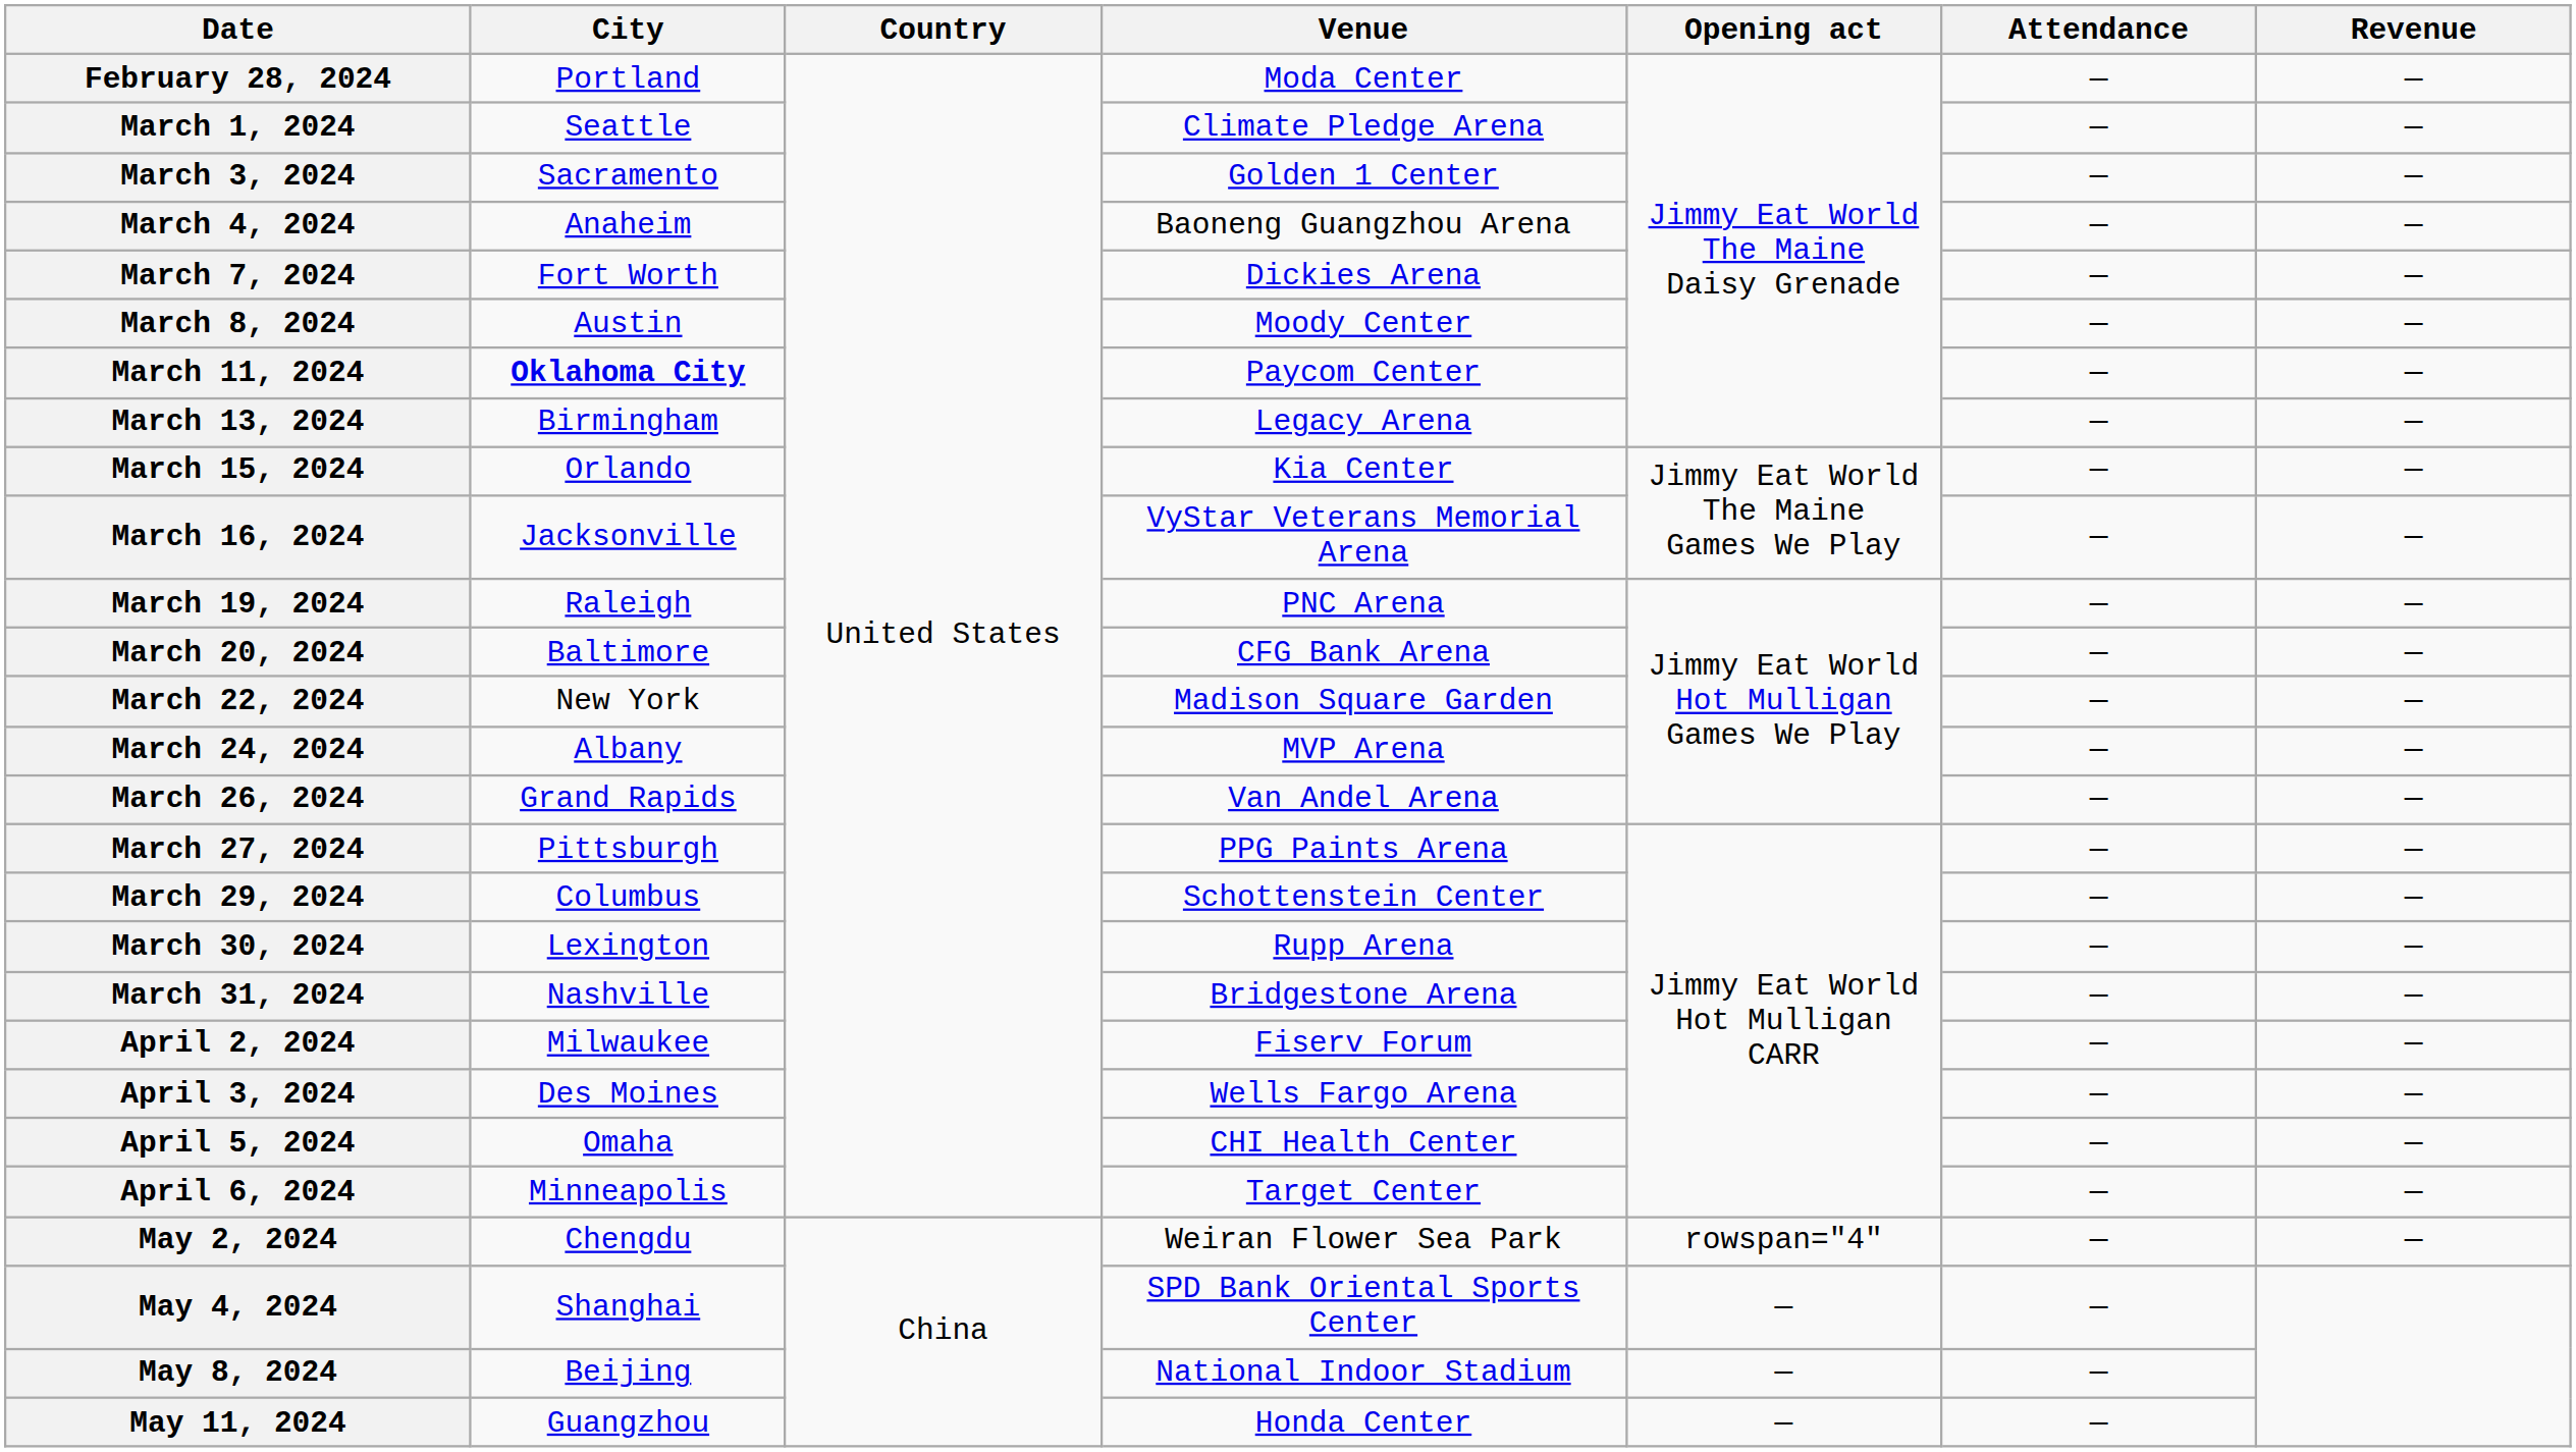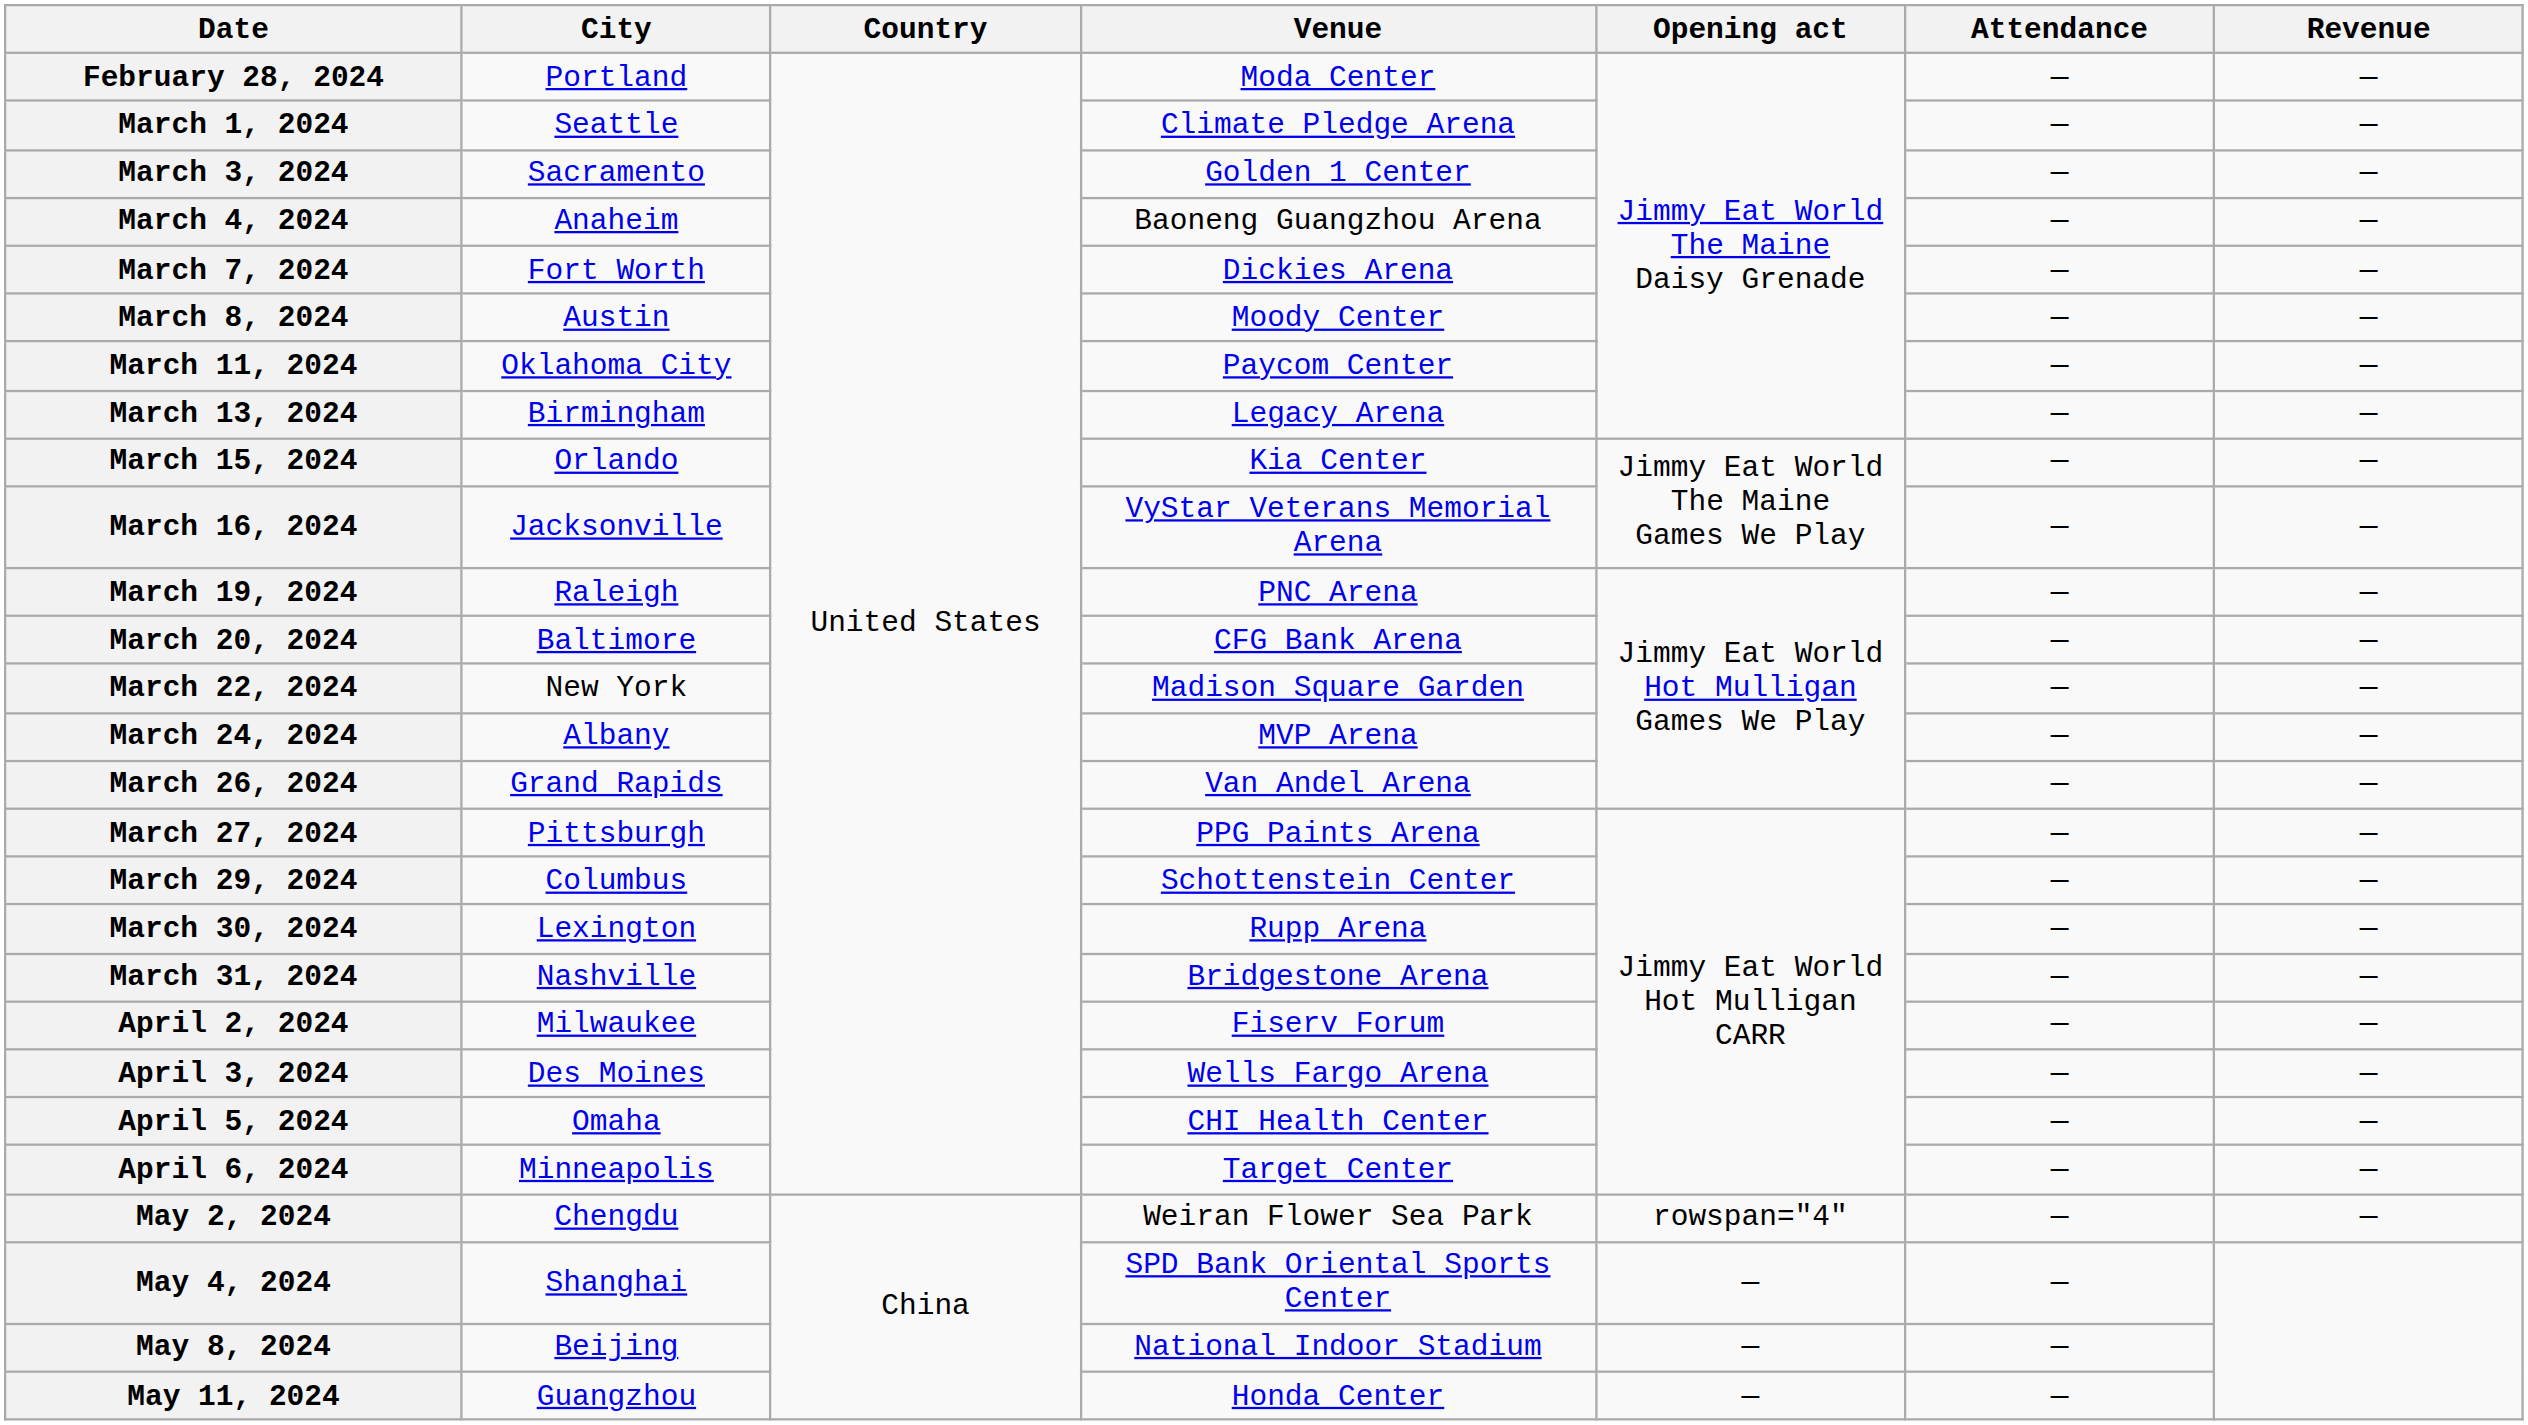 <table class="wikitable plainrowheaders" style="text-align:center;">
 <tr>
 <th scope="col" style="width:15em;">Date</th>
 <th scope="col" style="width:10em;">City</th>
 <th scope="col" style="width:10em;">Country</th>
 <th scope="col" style="width:17em;">Venue</th>
 <th scope="col" style="width:10em;">Opening act</th>
 <th scope="col" style="width:10em;">Attendance</th>
 <th scope="col" style="width:10em;">Revenue</th>
 </tr>
 <tr>
 <th scope="row" style="text-align:center;">February 28, 2024</th>
 <td><a href='#'>Portland</a></td>
 <td rowspan="23">United States</td>
 <td><a href='#'>Moda Center</a></td>
 <td rowspan="8"><a href='#'>Jimmy Eat World</a><br><a href='#'>The Maine</a><br>Daisy Grenade</td>
 <td>—</td>
 <td>—</td>
 </tr>
 <tr>
 <th scope="row" style="text-align:center;">March 1, 2024</th>
 <td><a href='#'>Seattle</a></td>
 <td><a href='#'>Climate Pledge Arena</a></td>
 <td>—</td>
 <td>—</td>
 </tr>
 <tr>
 <th scope="row" style="text-align:center;">March 3, 2024</th>
 <td><a href='#'>Sacramento</a></td>
 <td><a href='#'>Golden 1 Center</a></td>
 <td>—</td>
 <td>—</td>
 </tr>
 <tr>
 <th scope="row" style="text-align:center;">March 4, 2024</th>
 <td><a href='#'>Anaheim</a></td>
 <td>Baoneng Guangzhou Arena</td>
 <td>—</td>
 <td>—</td>
 </tr>
 <tr>
 <th scope="row" style="text-align:center;">March 7, 2024</th>
 <td><a href='#'>Fort Worth</a></td>
 <td><a href='#'>Dickies Arena</a></td>
 <td>—</td>
 <td>—</td>
 </tr>
 <tr>
 <th scope="row" style="text-align:center;">March 8, 2024</th>
 <td><a href='#'>Austin</a></td>
 <td><a href='#'>Moody Center</a></td>
 <td>—</td>
 <td>—</td>
 </tr>
 <tr>
 <th scope="row" style="text-align:center;">March 11, 2024</th>
-<td><strong><a href='#'>Oklahoma City</a></strong></td>
+<td><a href='#'>Oklahoma City</a></td>
 <td><a href='#'>Paycom Center</a></td>
 <td>—</td>
 <td>—</td>
 </tr>
 <tr>
 <th scope="row" style="text-align:center;">March 13, 2024</th>
 <td><a href='#'>Birmingham</a></td>
 <td><a href='#'>Legacy Arena</a></td>
 <td>—</td>
 <td>—</td>
 </tr>
 <tr>
 <th scope="row" style="text-align:center;">March 15, 2024</th>
 <td><a href='#'>Orlando</a></td>
 <td><a href='#'>Kia Center</a></td>
 <td rowspan="2">Jimmy Eat World<br>The Maine<br>Games We Play</td>
 <td>—</td>
 <td>—</td>
 </tr>
 <tr>
 <th scope="row" style="text-align:center;">March 16, 2024</th>
 <td><a href='#'>Jacksonville</a></td>
 <td><a href='#'>VyStar Veterans Memorial Arena</a></td>
 <td>—</td>
 <td>—</td>
 </tr>
 <tr>
 <th scope="row" style="text-align:center;">March 19, 2024</th>
 <td><a href='#'>Raleigh</a></td>
 <td><a href='#'>PNC Arena</a></td>
 <td rowspan="5">Jimmy Eat World<br><a href='#'>Hot Mulligan</a><br>Games We Play</td>
 <td>—</td>
 <td>—</td>
 </tr>
 <tr>
 <th scope="row" style="text-align:center;">March 20, 2024</th>
 <td><a href='#'>Baltimore</a></td>
 <td><a href='#'>CFG Bank Arena</a></td>
 <td>—</td>
 <td>—</td>
 </tr>
 <tr>
 <th scope="row" style="text-align:center;">March 22, 2024</th>
 <td>New York</td>
 <td><a href='#'>Madison Square Garden</a></td>
 <td>—</td>
 <td>—</td>
 </tr>
 <tr>
 <th scope="row" style="text-align:center;">March 24, 2024</th>
 <td><a href='#'>Albany</a></td>
 <td><a href='#'>MVP Arena</a></td>
 <td>—</td>
 <td>—</td>
 </tr>
 <tr>
 <th scope="row" style="text-align:center;">March 26, 2024</th>
 <td><a href='#'>Grand Rapids</a></td>
 <td><a href='#'>Van Andel Arena</a></td>
 <td>—</td>
 <td>—</td>
 </tr>
 <tr>
 <th scope="row" style="text-align:center;">March 27, 2024</th>
 <td><a href='#'>Pittsburgh</a></td>
 <td><a href='#'>PPG Paints Arena</a></td>
 <td rowspan="8">Jimmy Eat World<br>Hot Mulligan<br>CARR</td>
 <td>—</td>
 <td>—</td>
 </tr>
 <tr>
 <th scope="row" style="text-align:center;">March 29, 2024</th>
 <td><a href='#'>Columbus</a></td>
 <td><a href='#'>Schottenstein Center</a></td>
 <td>—</td>
 <td>—</td>
 </tr>
 <tr>
 <th scope="row" style="text-align:center;">March 30, 2024</th>
 <td><a href='#'>Lexington</a></td>
 <td><a href='#'>Rupp Arena</a></td>
 <td>—</td>
 <td>—</td>
 </tr>
 <tr>
 <th scope="row" style="text-align:center;">March 31, 2024</th>
 <td><a href='#'>Nashville</a></td>
 <td><a href='#'>Bridgestone Arena</a></td>
 <td>—</td>
 <td>—</td>
 </tr>
 <tr>
 <th scope="row" style="text-align:center;">April 2, 2024</th>
 <td><a href='#'>Milwaukee</a></td>
 <td><a href='#'>Fiserv Forum</a></td>
 <td>—</td>
 <td>—</td>
 </tr>
 <tr>
 <th scope="row" style="text-align:center;">April 3, 2024</th>
 <td><a href='#'>Des Moines</a></td>
 <td><a href='#'>Wells Fargo Arena</a></td>
 <td>—</td>
 <td>—</td>
 </tr>
 <tr>
 <th scope="row" style="text-align:center;">April 5, 2024</th>
 <td><a href='#'>Omaha</a></td>
 <td><a href='#'>CHI Health Center</a></td>
 <td>—</td>
 <td>—</td>
 </tr>
 <tr>
 <th scope="row" style="text-align:center;">April 6, 2024</th>
 <td><a href='#'>Minneapolis</a></td>
 <td><a href='#'>Target Center</a></td>
 <td>—</td>
 <td>—</td>
 </tr>
 <tr>
 <th scope="row" style="text-align:center;">May 2, 2024</th>
 <td><a href='#'>Chengdu</a></td>
 <td rowspan="4">China</td>
 <td>Weiran Flower Sea Park</td>
 <td>rowspan="4" </td>
 <td>—</td>
 <td>—</td>
 </tr>
 <tr>
 <th scope="row" style="text-align:center;">May 4, 2024</th>
 <td><a href='#'>Shanghai</a></td>
 <td><a href='#'>SPD Bank Oriental Sports Center</a></td>
 <td>—</td>
 <td>—</td>
 </tr>
 <tr>
 <th scope="row" style="text-align:center;">May 8, 2024</th>
 <td><a href='#'>Beijing</a></td>
 <td><a href='#'>National Indoor Stadium</a></td>
 <td>—</td>
 <td>—</td>
 </tr>
 <tr>
 <th scope="row" style="text-align:center;">May 11, 2024</th>
 <td><a href='#'>Guangzhou</a></td>
 <td><a href='#'>Honda Center</a></td>
 <td>—</td>
 <td>—</td>
 </tr>
 </table>
